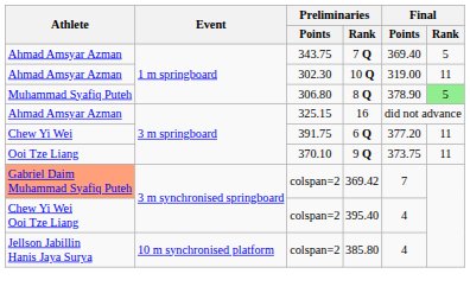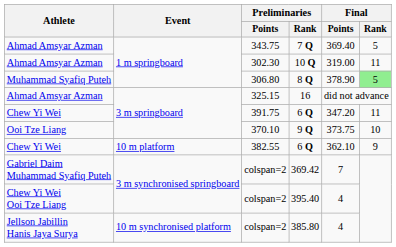 <table class="wikitable" style="font-size:90%;">
 <tr>
 <th rowspan=2>Athlete</th>
 <th rowspan=2>Event</th>
 <th colspan=2>Preliminaries</th>
 <th colspan=2>Final</th>
 </tr>
 <tr style="font-size:95%">
 <th>Points</th>
 <th>Rank</th>
 <th>Points</th>
 <th>Rank</th>
 </tr>
 <tr align=center>
 <td align=left><a href='#'>Ahmad Amsyar Azman</a></td>
 <td align=left rowspan=3><a href='#'>1 m springboard</a></td>
 <td>343.75</td>
 <td>7 <strong>Q</strong></td>
 <td>369.40</td>
 <td>5</td>
 </tr>
 <tr align=center>
 <td align=left><a href='#'>Ahmad Amsyar Azman</a></td>
 <td>302.30</td>
 <td>10 <strong>Q</strong></td>
 <td>319.00</td>
 <td>11</td>
 </tr>
 <tr align=center>
 <td align=left><a href='#'>Muhammad Syafiq Puteh</a></td>
 <td>306.80</td>
 <td>8 <strong>Q</strong></td>
 <td>378.90</td>
 <td style="background: lightgreen;">5</td>
 </tr>
 <tr align=center>
 <td align=left><a href='#'>Ahmad Amsyar Azman</a></td>
 <td align=left rowspan=3><a href='#'>3 m springboard</a></td>
 <td>325.15</td>
 <td>16</td>
 <td colspan=2>did not advance</td>
 </tr>
 <tr align=center>
 <td align=left><a href='#'>Chew Yi Wei</a></td>
 <td>391.75</td>
 <td>6 <strong>Q</strong></td>
-<td>377.20</td>
+<td>347.20</td>
 <td>11</td>
 </tr>
 <tr align=center>
 <td align=left><a href='#'>Ooi Tze Liang</a></td>
 <td>370.10</td>
 <td>9 <strong>Q</strong></td>
 <td>373.75</td>
-<td>11</td>
+<td>10</td>
 </tr>
 <tr align=center>
-<td align=left style="background: lightsalmon;"><a href='#'>Gabriel Daim</a><br><a href='#'>Muhammad Syafiq Puteh</a></td>
+<td align=left><a href='#'>Chew Yi Wei</a></td>
+<td align=left><a href='#'>10 m platform</a></td>
+<td>382.55</td>
+<td>6 <strong>Q</strong></td>
+<td>362.10</td>
+<td>9</td>
+</tr>
+<tr align=center>
+<td align=left><a href='#'>Gabriel Daim</a><br><a href='#'>Muhammad Syafiq Puteh</a></td>
 <td align=left rowspan=2><a href='#'>3 m synchronised springboard</a></td>
 <td>colspan=2 </td>
 <td>369.42</td>
 <td>7</td>
 </tr>
 <tr align=center>
 <td align=left><a href='#'>Chew Yi Wei</a><br><a href='#'>Ooi Tze Liang</a></td>
 <td>colspan=2 </td>
 <td>395.40</td>
 <td>4</td>
 </tr>
 <tr align=center>
 <td align=left><a href='#'>Jellson Jabillin</a><br><a href='#'>Hanis Jaya Surya</a></td>
 <td align=left><a href='#'>10 m synchronised platform</a></td>
 <td>colspan=2 </td>
 <td>385.80</td>
 <td>4</td>
 </tr>
 </table>
